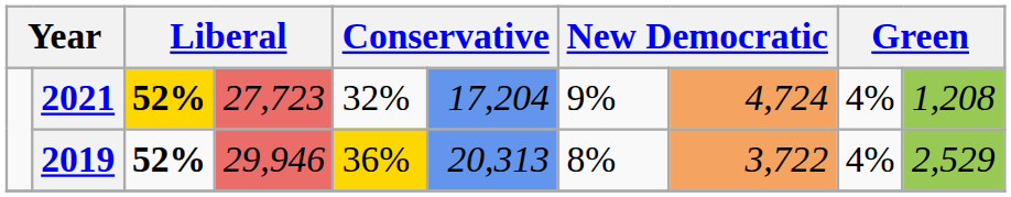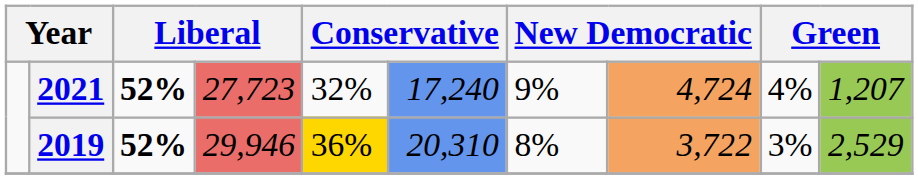 <table class="wikitable" style="float:right; width:400; font-size:90%; margin-left:1em;">
 <tr>
 <th colspan="2" scope="col">Year</th>
 <th colspan="2" scope="col"><a href='#'>Liberal</a></th>
 <th colspan="2" scope="col"><a href='#'>Conservative</a></th>
 <th colspan="2" scope="col"><a href='#'>New Democratic</a></th>
 <th colspan="2" scope="col"><a href='#'>Green</a></th>
 </tr>
 <tr>
 <td rowspan="2" style="width: 0.25em; background-color: "></td>
 <th><a href='#'>2021</a></th>
-<td style="background: gold;"><strong>52%</strong></td>
+<td><strong>52%</strong></td>
 <td style="text-align:right; background:#EA6D6A;"><em>27,723</em></td>
 <td>32%</td>
-<td style="text-align:right; background:#6495ED;"><em>17,204</em></td>
+<td style="text-align:right; background:#6495ED;"><em>17,240</em></td>
 <td>9%</td>
 <td style="text-align:right; background:#F4A460;"><em>4,724</em></td>
 <td>4%</td>
-<td style="text-align:right; background:#99C955;"><em>1,208</em></td>
+<td style="text-align:right; background:#99C955;"><em>1,207</em></td>
 </tr>
 <tr>
 <th><a href='#'>2019</a></th>
 <td><strong>52%</strong></td>
 <td style="text-align:right; background:#EA6D6A;"><em>29,946</em></td>
 <td style="background: gold;">36%</td>
-<td style="text-align:right; background:#6495ED;"><em>20,313</em></td>
+<td style="text-align:right; background:#6495ED;"><em>20,310</em></td>
 <td>8%</td>
 <td style="text-align:right; background:#F4A460;"><em>3,722</em></td>
-<td>4%</td>
+<td>3%</td>
 <td style="text-align:right; background:#99C955;"><em>2,529</em></td>
 </tr>
 <tr>
 </tr>
 </table>
